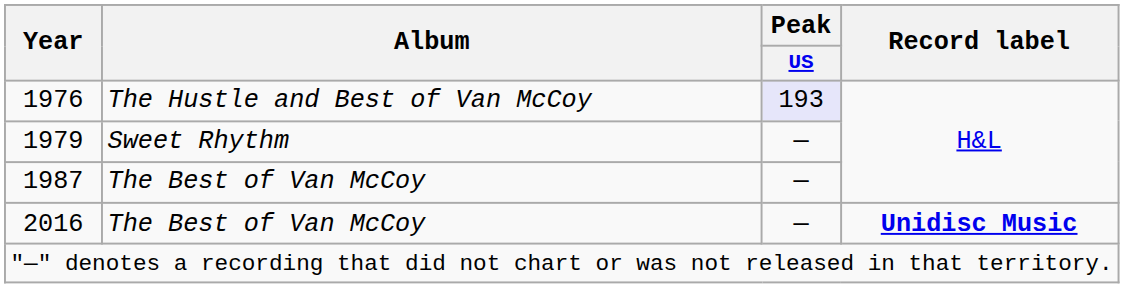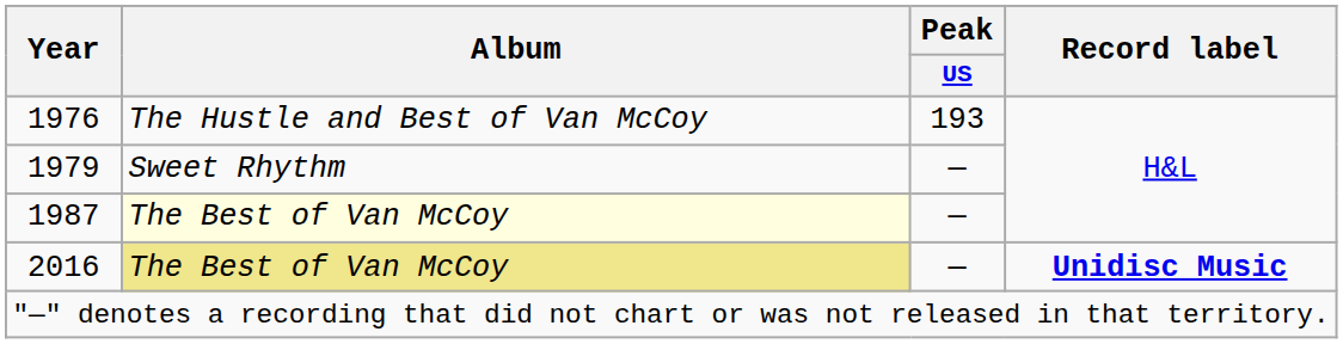 <table class="wikitable" style="text-align:center;">
 <tr>
 <th rowspan="2">Year</th>
 <th rowspan="2">Album</th>
 <th colspan="1">Peak</th>
 <th rowspan="2">Record label</th>
 </tr>
 <tr style="font-size:smaller;">
 <th width="35"><a href='#'>US</a><br></th>
 </tr>
 <tr>
 <td rowspan="1">1976</td>
 <td align="left"><em>The Hustle and Best of Van McCoy</em></td>
-<td style="background: lavender;">193</td>
+<td>193</td>
 <td rowspan="3"><a href='#'>H&L</a></td>
 </tr>
 <tr>
 <td rowspan="1">1979</td>
 <td align="left"><em>Sweet Rhythm</em></td>
 <td>—</td>
 </tr>
 <tr>
 <td rowspan="1">1987</td>
-<td align="left"><em>The Best of Van McCoy</em></td>
+<td align="left" style="background: lightyellow;"><em>The Best of Van McCoy</em></td>
 <td>—</td>
 </tr>
 <tr>
 <td rowspan="1">2016</td>
-<td align="left"><em>The Best of Van McCoy</em></td>
+<td align="left" style="background: khaki;"><em>The Best of Van McCoy</em></td>
 <td>—</td>
 <td rowspan="1"><strong><a href='#'>Unidisc Music</a></strong></td>
 </tr>
 <tr>
 <td colspan="15" style="font-size:90%">"—" denotes a recording that did not chart or was not released in that territory.</td>
 </tr>
 </table>
